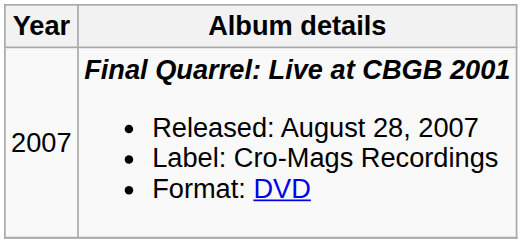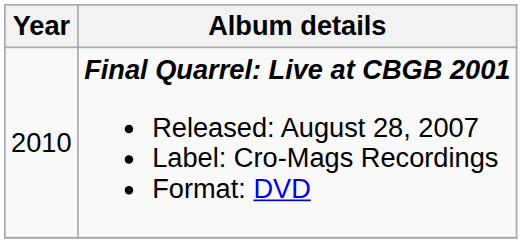 <table class ="wikitable">
 <tr>
 <th>Year</th>
 <th>Album details</th>
 </tr>
 <tr>
-<td>2007</td>
+<td>2010</td>
 <td><strong><em>Final Quarrel: Live at CBGB 2001</em></strong><br><ul><li>Released: August 28, 2007</li><li>Label: Cro-Mags Recordings</li><li>Format: <a href='#'>DVD</a></li></ul></td>
 </tr>
 <tr>
 </tr>
 </table>
